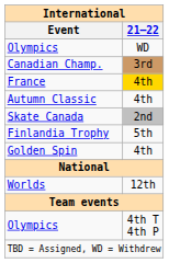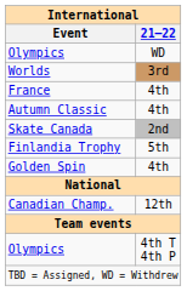 <table class="wikitable" style="text-align:center">
 <tr>
 <th colspan="2" style="background-color: #ffdead; " align="center">International</th>
 </tr>
 <tr>
 <th>Event</th>
 <th><a href='#'>21–22</a></th>
 </tr>
 <tr>
 <td align=left><a href='#'>Olympics</a></td>
 <td>WD</td>
 </tr>
 <tr>
-<td align=left><a href='#'>Canadian Champ.</a></td>
+<td align=left><a href='#'>Worlds</a></td>
 <td bgcolor=cc9966>3rd</td>
 </tr>
 <tr>
 <td align=left> <a href='#'>France</a></td>
-<td style="background: gold;">4th</td>
+<td>4th</td>
 </tr>
 <tr>
 <td align=left> <a href='#'>Autumn Classic</a></td>
 <td>4th</td>
 </tr>
 <tr>
 <td align=left> <a href='#'>Skate Canada</a></td>
 <td bgcolor=silver>2nd</td>
 </tr>
 <tr>
 <td align=left> <a href='#'>Finlandia Trophy</a></td>
 <td>5th</td>
 </tr>
 <tr>
 <td align=left> <a href='#'>Golden Spin</a></td>
 <td>4th</td>
 </tr>
 <tr>
 <th colspan="2" style="background-color: #ffdead; " align="center">National</th>
 </tr>
 <tr>
-<td align=left><a href='#'>Worlds</a></td>
+<td align=left><a href='#'>Canadian Champ.</a></td>
 <td>12th</td>
 </tr>
 <tr>
 <th colspan="2" style="background-color: #ffdead; " align="center">Team events</th>
 </tr>
 <tr>
 <td align=left><a href='#'>Olympics</a></td>
 <td>4th T <br> 4th P</td>
 </tr>
 <tr>
 <td colspan="2" align="center"><small> TBD = Assigned, WD = Withdrew </small></td>
 </tr>
 </table>
